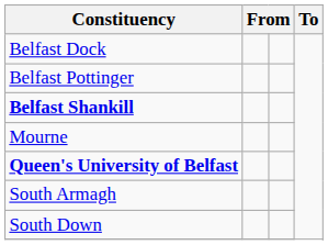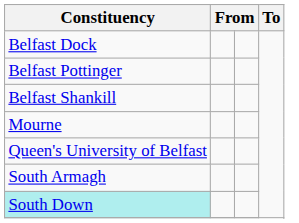 <table class="wikitable">
 <tr>
 <th>Constituency</th>
 <th colspan=2>From</th>
 <th colspan=2>To</th>
 </tr>
 <tr>
 <td><a href='#'>Belfast Dock</a></td>
 <td></td>
 <td></td>
 </tr>
 <tr>
 <td><a href='#'>Belfast Pottinger</a></td>
 <td></td>
 <td></td>
 </tr>
 <tr>
-<td><strong><a href='#'>Belfast Shankill</a></strong></td>
+<td><a href='#'>Belfast Shankill</a></td>
 <td></td>
 <td></td>
 </tr>
 <tr>
 <td><a href='#'>Mourne</a></td>
 <td></td>
 <td></td>
 </tr>
 <tr>
-<td><strong><a href='#'>Queen's University of Belfast</a></strong></td>
+<td><a href='#'>Queen's University of Belfast</a></td>
 <td></td>
 <td></td>
 </tr>
 <tr>
 <td><a href='#'>South Armagh</a></td>
 <td></td>
 <td></td>
 </tr>
 <tr>
-<td><a href='#'>South Down</a></td>
+<td style="background: paleturquoise;"><a href='#'>South Down</a></td>
 <td></td>
 <td></td>
 </tr>
 <tr>
 </tr>
 </table>
